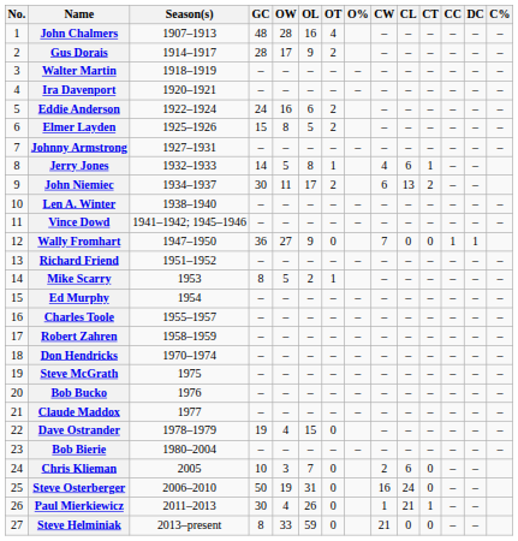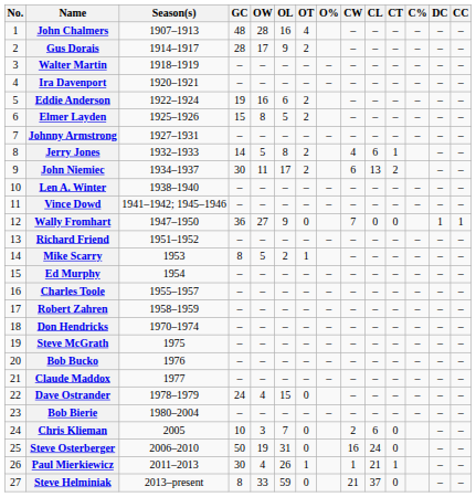 <table class="wikitable sortable plainrowheaders" style="text-align:center">
 <tr>
 <th width=px>No.</th>
 <th width=px>Name</th>
 <th width=px>Season(s)</th>
 <th width=px>GC</th>
 <th width=px>OW</th>
 <th width=px>OL</th>
 <th width=px>OT</th>
 <th width=px>O%</th>
 <th width=px>CW</th>
 <th width=px>CL</th>
 <th width=px>CT</th>
+<th width=px>C%</th>
+<th width=px>DC</th>
 <th width=px>CC</th>
-<th width=px>DC</th>
-<th width=px>C%</th>
 </tr>
 <tr>
 <td>1</td>
 <th scope="row"><a href='#'>John Chalmers</a></th>
 <td>1907–1913</td>
 <td>48</td>
 <td>28</td>
 <td>16</td>
 <td>4</td>
 <td></td>
 <td>–</td>
 <td>–</td>
 <td>–</td>
 <td>–</td>
 <td>–</td>
 <td>–</td>
 </tr>
 <tr>
 <td>2</td>
 <th scope="row"><a href='#'>Gus Dorais</a></th>
 <td>1914–1917</td>
 <td>28</td>
 <td>17</td>
 <td>9</td>
 <td>2</td>
 <td></td>
 <td>–</td>
 <td>–</td>
 <td>–</td>
 <td>–</td>
 <td>–</td>
 <td>–</td>
 </tr>
 <tr>
 <td>3</td>
 <th scope="row"><a href='#'>Walter Martin</a></th>
 <td>1918–1919</td>
 <td>–</td>
 <td>–</td>
 <td>–</td>
 <td>–</td>
 <td>–</td>
 <td>–</td>
 <td>–</td>
 <td>–</td>
 <td>–</td>
 <td>–</td>
 <td>–</td>
 </tr>
 <tr>
 <td>4</td>
 <th scope="row"><a href='#'>Ira Davenport</a></th>
 <td>1920–1921</td>
 <td>–</td>
 <td>–</td>
 <td>–</td>
 <td>–</td>
 <td>–</td>
 <td>–</td>
 <td>–</td>
 <td>–</td>
 <td>–</td>
 <td>–</td>
 <td>–</td>
 </tr>
 <tr>
 <td>5</td>
 <th scope="row"><a href='#'>Eddie Anderson</a></th>
 <td>1922–1924</td>
-<td>24</td>
+<td>19</td>
 <td>16</td>
 <td>6</td>
 <td>2</td>
 <td></td>
 <td>–</td>
 <td>–</td>
 <td>–</td>
 <td>–</td>
 <td>–</td>
 <td>–</td>
 </tr>
 <tr>
 <td>6</td>
 <th scope="row"><a href='#'>Elmer Layden</a></th>
 <td>1925–1926</td>
 <td>15</td>
 <td>8</td>
 <td>5</td>
 <td>2</td>
 <td></td>
 <td>–</td>
 <td>–</td>
 <td>–</td>
 <td>–</td>
 <td>–</td>
 <td>–</td>
 </tr>
 <tr>
 <td>7</td>
 <th scope="row"><a href='#'>Johnny Armstrong</a></th>
 <td>1927–1931</td>
 <td>–</td>
 <td>–</td>
 <td>–</td>
 <td>–</td>
 <td>–</td>
 <td>–</td>
 <td>–</td>
 <td>–</td>
 <td>–</td>
 <td>–</td>
 <td>–</td>
 </tr>
 <tr>
 <td>8</td>
 <th scope="row"><a href='#'>Jerry Jones</a></th>
 <td>1932–1933</td>
 <td>14</td>
 <td>5</td>
 <td>8</td>
-<td>1</td>
+<td>2</td>
 <td></td>
 <td>4</td>
 <td>6</td>
 <td>1</td>
+<td></td>
 <td>–</td>
 <td>–</td>
-<td></td>
 </tr>
 <tr>
 <td>9</td>
 <th scope="row"><a href='#'>John Niemiec</a></th>
 <td>1934–1937</td>
 <td>30</td>
 <td>11</td>
 <td>17</td>
 <td>2</td>
 <td></td>
 <td>6</td>
 <td>13</td>
 <td>2</td>
+<td></td>
 <td>–</td>
 <td>–</td>
-<td></td>
 </tr>
 <tr>
 <td>10</td>
 <th scope="row"><a href='#'>Len A. Winter</a></th>
 <td>1938–1940</td>
 <td>–</td>
 <td>–</td>
 <td>–</td>
 <td>–</td>
 <td>–</td>
 <td>–</td>
 <td>–</td>
 <td>–</td>
 <td>–</td>
 <td>–</td>
 <td>–</td>
 </tr>
 <tr>
 <td>11</td>
 <th scope="row"><a href='#'>Vince Dowd</a></th>
 <td>1941–1942; 1945–1946</td>
 <td>–</td>
 <td>–</td>
 <td>–</td>
 <td>–</td>
 <td>–</td>
 <td>–</td>
 <td>–</td>
 <td>–</td>
 <td>–</td>
 <td>–</td>
 <td>–</td>
 </tr>
 <tr>
 <td>12</td>
 <th scope="row"><a href='#'>Wally Fromhart</a></th>
 <td>1947–1950</td>
 <td>36</td>
 <td>27</td>
 <td>9</td>
 <td>0</td>
 <td></td>
 <td>7</td>
 <td>0</td>
 <td>0</td>
+<td></td>
 <td>1</td>
 <td>1</td>
-<td></td>
 </tr>
 <tr>
 <td>13</td>
 <th scope="row"><a href='#'>Richard Friend</a></th>
 <td>1951–1952</td>
 <td>–</td>
 <td>–</td>
 <td>–</td>
 <td>–</td>
 <td>–</td>
 <td>–</td>
 <td>–</td>
 <td>–</td>
 <td>–</td>
 <td>–</td>
 <td>–</td>
 </tr>
 <tr>
 <td>14</td>
 <th scope="row"><a href='#'>Mike Scarry</a></th>
 <td>1953</td>
 <td>8</td>
 <td>5</td>
 <td>2</td>
 <td>1</td>
 <td></td>
 <td>–</td>
 <td>–</td>
 <td>–</td>
 <td>–</td>
 <td>–</td>
 <td>–</td>
 </tr>
 <tr>
 <td>15</td>
 <th scope="row"><a href='#'>Ed Murphy</a></th>
 <td>1954</td>
 <td>–</td>
 <td>–</td>
 <td>–</td>
 <td>–</td>
 <td>–</td>
 <td>–</td>
 <td>–</td>
 <td>–</td>
 <td>–</td>
 <td>–</td>
 <td>–</td>
 </tr>
 <tr>
 <td>16</td>
 <th scope="row"><a href='#'>Charles Toole</a></th>
 <td>1955–1957</td>
 <td>–</td>
 <td>–</td>
 <td>–</td>
 <td>–</td>
 <td>–</td>
 <td>–</td>
 <td>–</td>
 <td>–</td>
 <td>–</td>
 <td>–</td>
 <td>–</td>
 </tr>
 <tr>
 <td>17</td>
 <th scope="row"><a href='#'>Robert Zahren</a></th>
 <td>1958–1959</td>
 <td>–</td>
 <td>–</td>
 <td>–</td>
 <td>–</td>
 <td>–</td>
 <td>–</td>
 <td>–</td>
 <td>–</td>
 <td>–</td>
 <td>–</td>
 <td>–</td>
 </tr>
 <tr>
 <td>18</td>
 <th scope="row"><a href='#'>Don Hendricks</a></th>
 <td>1970–1974</td>
 <td>–</td>
 <td>–</td>
 <td>–</td>
 <td>–</td>
 <td>–</td>
 <td>–</td>
 <td>–</td>
 <td>–</td>
 <td>–</td>
 <td>–</td>
 <td>–</td>
 </tr>
 <tr>
 <td>19</td>
 <th scope="row"><a href='#'>Steve McGrath</a></th>
 <td>1975</td>
 <td>–</td>
 <td>–</td>
 <td>–</td>
 <td>–</td>
 <td>–</td>
 <td>–</td>
 <td>–</td>
 <td>–</td>
 <td>–</td>
 <td>–</td>
 <td>–</td>
 </tr>
 <tr>
 <td>20</td>
 <th scope="row"><a href='#'>Bob Bucko</a></th>
 <td>1976</td>
 <td>–</td>
 <td>–</td>
 <td>–</td>
 <td>–</td>
 <td>–</td>
 <td>–</td>
 <td>–</td>
 <td>–</td>
 <td>–</td>
 <td>–</td>
 <td>–</td>
 </tr>
 <tr>
 <td>21</td>
 <th scope="row"><a href='#'>Claude Maddox</a></th>
 <td>1977</td>
 <td>–</td>
 <td>–</td>
 <td>–</td>
 <td>–</td>
 <td>–</td>
 <td>–</td>
 <td>–</td>
 <td>–</td>
 <td>–</td>
 <td>–</td>
 <td>–</td>
 </tr>
 <tr>
 <td>22</td>
 <th scope="row"><a href='#'>Dave Ostrander</a></th>
 <td>1978–1979</td>
-<td>19</td>
+<td>24</td>
 <td>4</td>
 <td>15</td>
 <td>0</td>
 <td></td>
 <td>–</td>
 <td>–</td>
 <td>–</td>
 <td>–</td>
 <td>–</td>
 <td>–</td>
 </tr>
 <tr>
 <td>23</td>
 <th scope="row"><a href='#'>Bob Bierie</a></th>
 <td>1980–2004</td>
 <td>–</td>
 <td>–</td>
 <td>–</td>
 <td>–</td>
 <td>–</td>
 <td>–</td>
 <td>–</td>
 <td>–</td>
 <td>–</td>
 <td>–</td>
 <td>–</td>
 </tr>
 <tr>
 <td>24</td>
 <th scope="row"><a href='#'>Chris Klieman</a></th>
 <td>2005</td>
 <td>10</td>
 <td>3</td>
 <td>7</td>
 <td>0</td>
 <td></td>
 <td>2</td>
 <td>6</td>
 <td>0</td>
+<td></td>
 <td>–</td>
 <td>–</td>
-<td></td>
 </tr>
 <tr>
 <td>25</td>
 <th scope="row"><a href='#'>Steve Osterberger</a></th>
 <td>2006–2010</td>
 <td>50</td>
 <td>19</td>
 <td>31</td>
 <td>0</td>
 <td></td>
 <td>16</td>
 <td>24</td>
 <td>0</td>
+<td></td>
 <td>–</td>
 <td>–</td>
-<td></td>
 </tr>
 <tr>
 <td>26</td>
 <th scope="row"><a href='#'>Paul Mierkiewicz</a></th>
 <td>2011–2013</td>
 <td>30</td>
 <td>4</td>
 <td>26</td>
-<td>0</td>
+<td>1</td>
 <td></td>
 <td>1</td>
 <td>21</td>
 <td>1</td>
+<td></td>
 <td>–</td>
 <td>–</td>
-<td></td>
 </tr>
 <tr>
 <td>27</td>
 <th scope="row"><a href='#'>Steve Helminiak</a></th>
 <td>2013–present</td>
 <td>8</td>
 <td>33</td>
 <td>59</td>
 <td>0</td>
 <td></td>
 <td>21</td>
+<td>37</td>
 <td>0</td>
-<td>0</td>
+<td></td>
 <td>–</td>
 <td>–</td>
-<td></td>
 </tr>
 </table>
